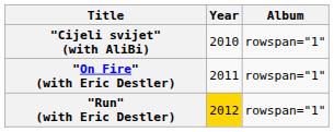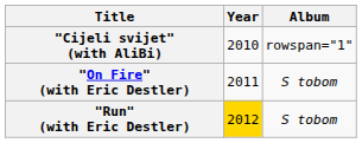 <table class="wikitable plainrowheaders" style="text-align:center;">
 <tr>
 <th scope="col" style="width:16em;">Title</th>
 <th scope="col" style="width:1em;">Year</th>
 <th scope="col">Album</th>
 </tr>
 <tr>
 <th scope="row">"Cijeli svijet"<br><span>(with AliBi)</span></th>
 <td>2010</td>
 <td>rowspan="1" </td>
 </tr>
 <tr>
 <th scope="row">"<a href='#'>On Fire</a>"<br><span>(with Eric Destler)</span></th>
 <td>2011</td>
-<td>rowspan="1" </td>
+<td><em>S tobom</em></td>
 </tr>
 <tr>
 <th scope="row">"Run"<br><span>(with Eric Destler)</span></th>
 <td style="background: gold;">2012</td>
-<td>rowspan="1" </td>
+<td><em>S tobom</em></td>
 </tr>
 </table>
